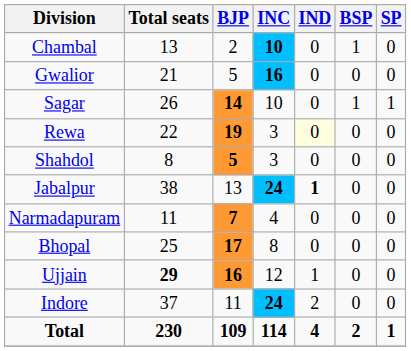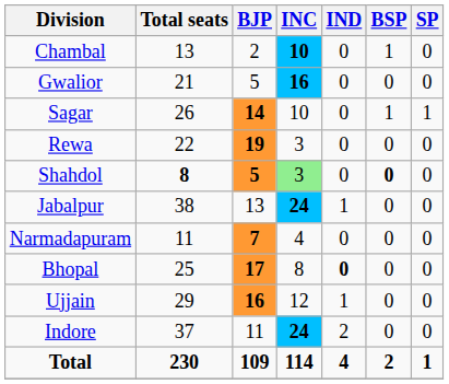 <table class="wikitable sortable" style="text-align:center;">
 <tr bgcolor="#cccccc">
 <th>Division</th>
 <th>Total seats</th>
 <th><a href='#'>BJP</a></th>
 <th><a href='#'>INC</a></th>
 <th><a href='#'>IND</a></th>
 <th><a href='#'>BSP</a></th>
 <th><a href='#'>SP</a></th>
 </tr>
 <tr>
 <td><a href='#'>Chambal</a></td>
 <td>13</td>
 <td>2</td>
 <td bgcolor=#00BFFF><span><strong>10</strong></span></td>
 <td>0</td>
 <td>1</td>
 <td>0</td>
 </tr>
 <tr>
 <td><a href='#'>Gwalior</a></td>
 <td>21</td>
 <td>5</td>
 <td bgcolor=#00BFFF><span><strong>16</strong></span></td>
 <td>0</td>
 <td>0</td>
 <td>0</td>
 </tr>
 <tr>
 <td><a href='#'>Sagar</a></td>
 <td>26</td>
 <td bgcolor=#ff9933><span><strong>14</strong></span></td>
 <td>10</td>
 <td>0</td>
 <td>1</td>
 <td>1</td>
 </tr>
 <tr>
 <td><a href='#'>Rewa</a></td>
 <td>22</td>
 <td bgcolor=#ff9933><span><strong>19</strong></span></td>
 <td>3</td>
-<td style="background: lightyellow;">0</td>
+<td>0</td>
 <td>0</td>
 <td>0</td>
 </tr>
 <tr>
 <td><a href='#'>Shahdol</a></td>
-<td>8</td>
+<td><strong>8</strong></td>
 <td bgcolor=#ff9933><span><strong>5</strong></span></td>
-<td>3</td>
+<td style="background: lightgreen;">3</td>
 <td>0</td>
-<td>0</td>
+<td><strong>0</strong></td>
 <td>0</td>
 </tr>
 <tr>
 <td><a href='#'>Jabalpur</a></td>
 <td>38</td>
 <td>13</td>
 <td bgcolor=#00BFFF><span><strong>24</strong></span></td>
-<td><strong>1</strong></td>
+<td>1</td>
 <td>0</td>
 <td>0</td>
 </tr>
 <tr>
 <td><a href='#'>Narmadapuram</a></td>
 <td>11</td>
 <td bgcolor=#ff9933><span><strong>7</strong></span></td>
 <td>4</td>
 <td>0</td>
 <td>0</td>
 <td>0</td>
 </tr>
 <tr>
 <td><a href='#'>Bhopal</a></td>
 <td>25</td>
 <td bgcolor=#ff9933><span><strong>17</strong></span></td>
 <td>8</td>
-<td>0</td>
+<td><strong>0</strong></td>
 <td>0</td>
 <td>0</td>
 </tr>
 <tr>
 <td><a href='#'>Ujjain</a></td>
-<td><strong>29</strong></td>
+<td>29</td>
 <td bgcolor=#ff9933><span><strong>16</strong></span></td>
 <td>12</td>
 <td>1</td>
 <td>0</td>
 <td>0</td>
 </tr>
 <tr>
 <td><a href='#'>Indore</a></td>
 <td>37</td>
 <td>11</td>
 <td bgcolor=#00BFFF><span><strong>24</strong></span></td>
 <td>2</td>
 <td>0</td>
 <td>0</td>
 </tr>
 <tr>
 <td><strong>Total</strong></td>
 <td><strong>230</strong></td>
 <td><strong>109</strong></td>
 <td><strong>114</strong></td>
 <td><strong>4</strong></td>
 <td><strong>2</strong></td>
 <td><strong>1</strong></td>
 </tr>
 <tr>
 </tr>
 </table>
